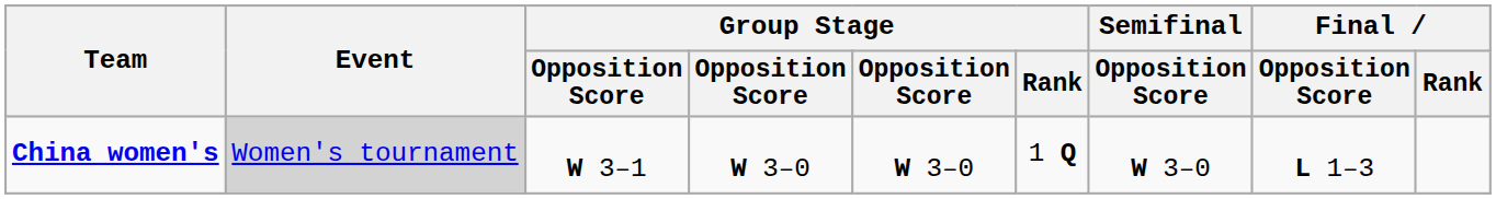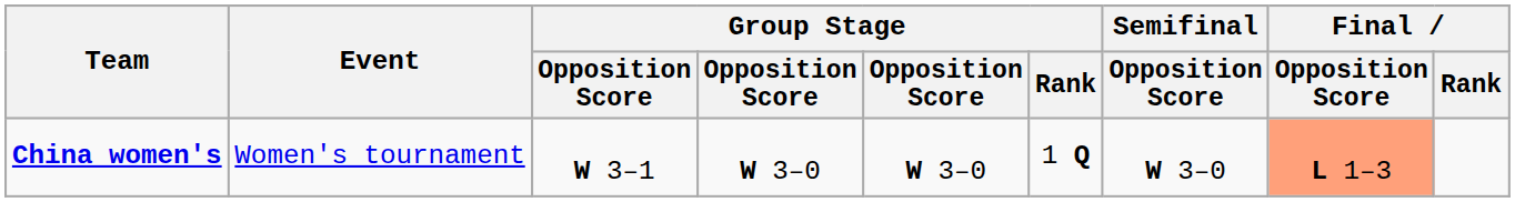 <table class="wikitable" style="font-size:90%;text-align:center">
 <tr>
 <th rowspan="2">Team</th>
 <th rowspan="2">Event</th>
 <th colspan="4">Group Stage</th>
 <th>Semifinal</th>
 <th colspan="2">Final / </th>
 </tr>
 <tr style="font-size:95%">
 <th>Opposition<br>Score</th>
 <th>Opposition<br>Score</th>
 <th>Opposition<br>Score</th>
 <th>Rank</th>
 <th>Opposition<br>Score</th>
 <th>Opposition<br>Score</th>
 <th>Rank</th>
 </tr>
 <tr>
 <td align=left><strong><a href='#'>China women's</a></strong></td>
-<td align=left style="background: lightgrey;"><a href='#'>Women's tournament</a></td>
+<td align=left><a href='#'>Women's tournament</a></td>
 <td><br><strong>W</strong> 3–1</td>
 <td><br><strong>W</strong> 3–0</td>
 <td><br><strong>W</strong> 3–0</td>
 <td>1 <strong>Q</strong></td>
 <td><br><strong>W</strong> 3–0</td>
-<td><br><strong>L</strong> 1–3</td>
+<td style="background: lightsalmon;"><br><strong>L</strong> 1–3</td>
 <td></td>
 </tr>
 </table>
